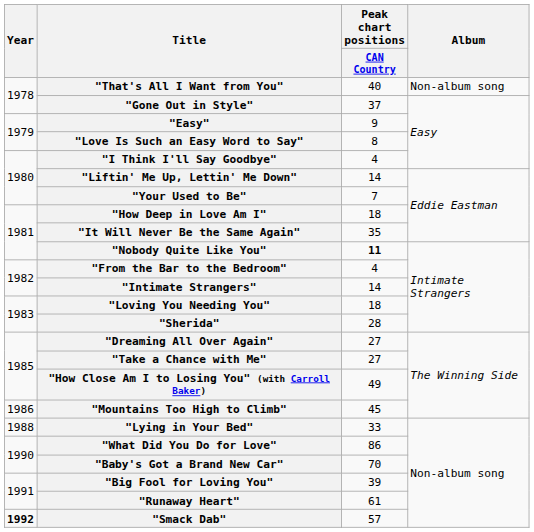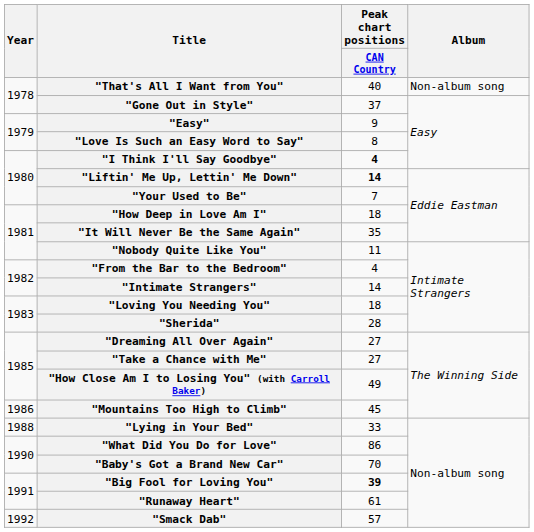 <table class="wikitable plainrowheaders" style=text-align:center;>
 <tr>
 <th scope="col" rowspan="2">Year</th>
 <th scope="col" rowspan="2">Title</th>
 <th scope="col" colspan="1">Peak chart positions</th>
 <th scope="col" rowspan="2">Album</th>
 </tr>
 <tr>
 <th style="width:4em;font-size:90%;"><a href='#'>CAN Country</a></th>
 </tr>
 <tr>
 <td rowspan="2">1978</td>
 <th scope="row">"That's All I Want from You"</th>
 <td>40</td>
 <td align="left">Non-album song</td>
 </tr>
 <tr>
 <th scope="row">"Gone Out in Style"</th>
 <td>37</td>
 <td align="left" rowspan="4"><em>Easy</em></td>
 </tr>
 <tr>
 <td rowspan="2">1979</td>
 <th scope="row">"Easy"</th>
 <td>9</td>
 </tr>
 <tr>
 <th scope="row">"Love Is Such an Easy Word to Say"</th>
 <td>8</td>
 </tr>
 <tr>
 <td rowspan="3">1980</td>
 <th scope="row">"I Think I'll Say Goodbye"</th>
-<td>4</td>
+<td><strong>4</strong></td>
 </tr>
 <tr>
 <th scope="row">"Liftin' Me Up, Lettin' Me Down"</th>
-<td>14</td>
+<td><strong>14</strong></td>
 <td align="left" rowspan="4"><em>Eddie Eastman</em></td>
 </tr>
 <tr>
 <th scope="row">"Your Used to Be"</th>
 <td>7</td>
 </tr>
 <tr>
 <td rowspan="3">1981</td>
 <th scope="row">"How Deep in Love Am I"</th>
 <td>18</td>
 </tr>
 <tr>
 <th scope="row">"It Will Never Be the Same Again"</th>
 <td>35</td>
 </tr>
 <tr>
 <th scope="row">"Nobody Quite Like You"</th>
-<td><strong>11</strong></td>
+<td>11</td>
 <td align="left" rowspan="5"><em>Intimate Strangers</em></td>
 </tr>
 <tr>
 <td rowspan="2">1982</td>
 <th scope="row">"From the Bar to the Bedroom"</th>
 <td>4</td>
 </tr>
 <tr>
 <th scope="row">"Intimate Strangers"</th>
 <td>14</td>
 </tr>
 <tr>
 <td rowspan="2">1983</td>
 <th scope="row">"Loving You Needing You"</th>
 <td>18</td>
 </tr>
 <tr>
 <th scope="row">"Sherida"</th>
 <td>28</td>
 </tr>
 <tr>
 <td rowspan="3">1985</td>
 <th scope="row">"Dreaming All Over Again"</th>
 <td>27</td>
 <td align="left" rowspan="4"><em>The Winning Side</em></td>
 </tr>
 <tr>
 <th scope="row">"Take a Chance with Me"</th>
 <td>27</td>
 </tr>
 <tr>
 <th scope="row">"How Close Am I to Losing You" <small>(with <a href='#'>Carroll Baker</a>)</small></th>
 <td>49</td>
 </tr>
 <tr>
 <td>1986</td>
 <th scope="row">"Mountains Too High to Climb"</th>
 <td>45</td>
 </tr>
 <tr>
 <td>1988</td>
 <th scope="row">"Lying in Your Bed"</th>
 <td>33</td>
 <td align="left" rowspan="6">Non-album song</td>
 </tr>
 <tr>
 <td rowspan="2">1990</td>
 <th scope="row">"What Did You Do for Love"</th>
 <td>86</td>
 </tr>
 <tr>
 <th scope="row">"Baby's Got a Brand New Car"</th>
 <td>70</td>
 </tr>
 <tr>
 <td rowspan="2">1991</td>
 <th scope="row">"Big Fool for Loving You"</th>
-<td>39</td>
+<td><strong>39</strong></td>
 </tr>
 <tr>
 <th scope="row">"Runaway Heart"</th>
 <td>61</td>
 </tr>
 <tr>
-<td><strong>1992</strong></td>
+<td>1992</td>
 <th scope="row">"Smack Dab"</th>
 <td>57</td>
 </tr>
 </table>
